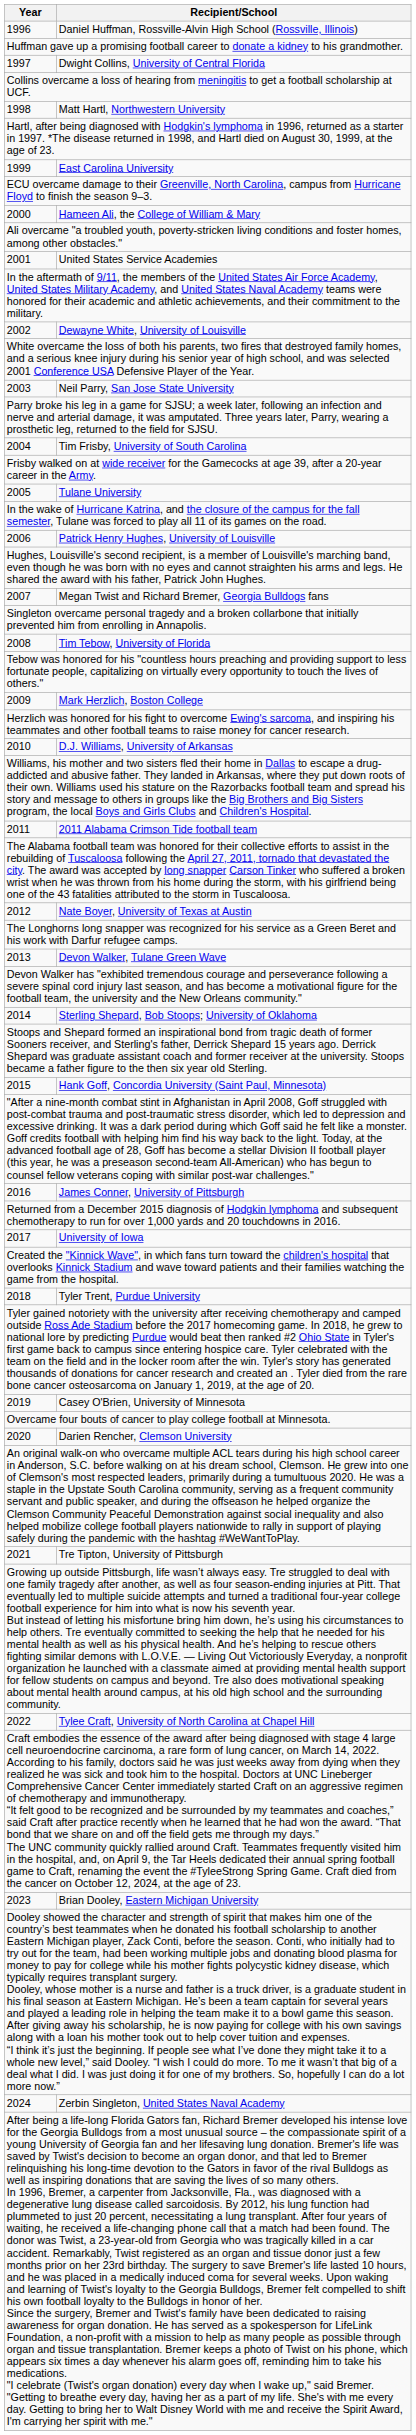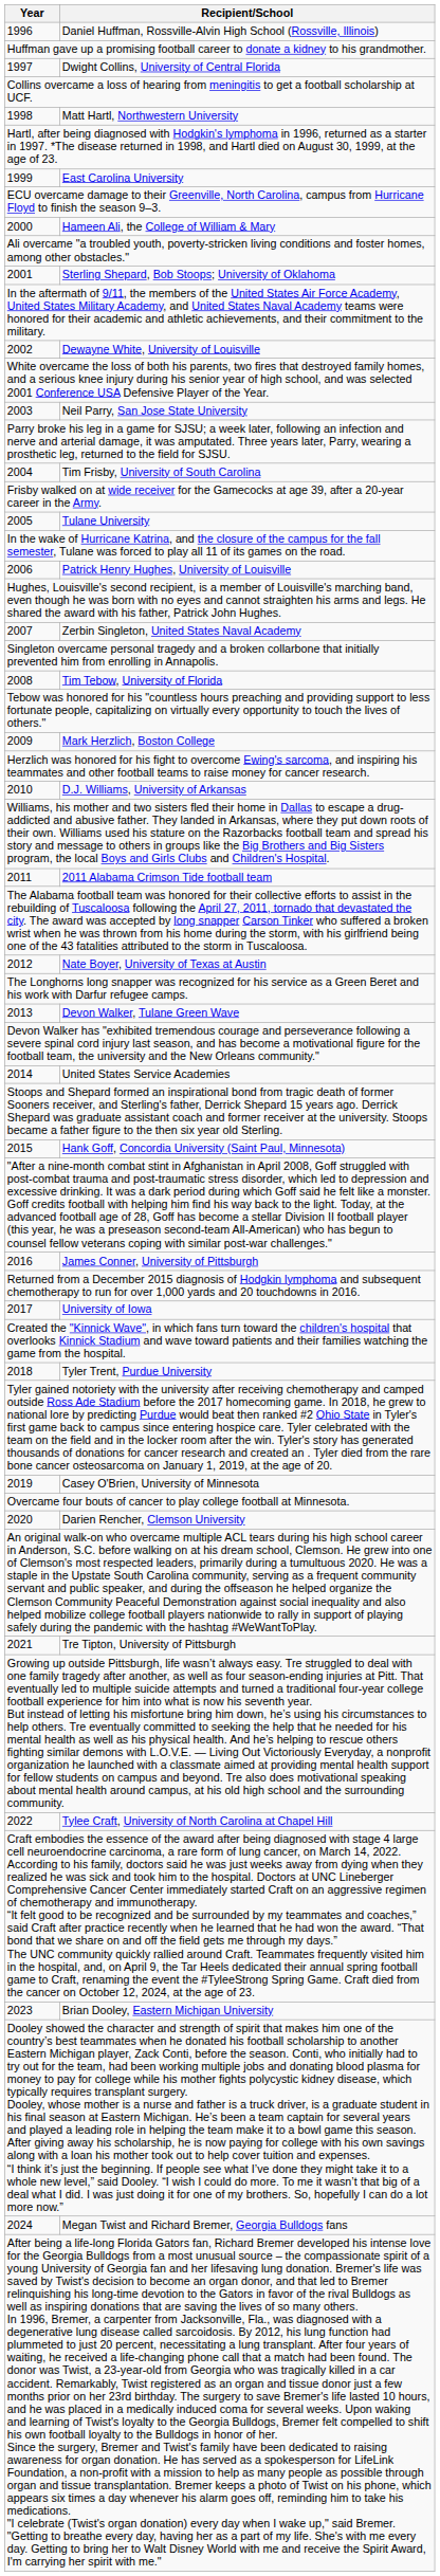 <table class="wikitable">
 <tr>
 <th>Year</th>
 <th>Recipient/School</th>
 </tr>
 <tr>
 <td>1996</td>
 <td>Daniel Huffman, Rossville-Alvin High School (<a href='#'>Rossville, Illinois</a>)</td>
 </tr>
 <tr>
 <td colspan=2>Huffman gave up a promising football career to <a href='#'>donate a kidney</a> to his grandmother.</td>
 </tr>
 <tr>
 <td>1997</td>
 <td>Dwight Collins, <a href='#'>University of Central Florida</a></td>
 </tr>
 <tr>
 <td colspan=2>Collins overcame a loss of hearing from <a href='#'>meningitis</a> to get a football scholarship at UCF.</td>
 </tr>
 <tr>
 <td>1998</td>
 <td>Matt Hartl, <a href='#'>Northwestern University</a></td>
 </tr>
 <tr>
 <td colspan=2>Hartl, after being diagnosed with <a href='#'>Hodgkin's lymphoma</a> in 1996, returned as a starter in 1997. *The disease returned in 1998, and Hartl died on August 30, 1999, at the age of 23.</td>
 </tr>
 <tr>
 <td>1999</td>
 <td><a href='#'>East Carolina University</a></td>
 </tr>
 <tr>
 <td colspan=2>ECU overcame damage to their <a href='#'>Greenville, North Carolina</a>, campus from <a href='#'>Hurricane Floyd</a> to finish the season 9–3.</td>
 </tr>
 <tr>
 <td>2000</td>
 <td><a href='#'>Hameen Ali</a>, the <a href='#'>College of William & Mary</a></td>
 </tr>
 <tr>
 <td colspan=2>Ali overcame "a troubled youth, poverty-stricken living conditions and foster homes, among other obstacles."</td>
 </tr>
 <tr>
 <td>2001</td>
-<td>United States Service Academies</td>
+<td><a href='#'>Sterling Shepard</a>, <a href='#'>Bob Stoops</a>; <a href='#'>University of Oklahoma</a></td>
 </tr>
 <tr>
 <td colspan=2>In the aftermath of <a href='#'>9/11</a>, the members of the <a href='#'>United States Air Force Academy</a>, <a href='#'>United States Military Academy</a>, and <a href='#'>United States Naval Academy</a> teams were honored for their academic and athletic achievements, and their commitment to the military.</td>
 </tr>
 <tr>
 <td>2002</td>
 <td><a href='#'>Dewayne White</a>, <a href='#'>University of Louisville</a></td>
 </tr>
 <tr>
 <td colspan=2>White overcame the loss of both his parents, two fires that destroyed family homes, and a serious knee injury during his senior year of high school, and was selected 2001 <a href='#'>Conference USA</a> Defensive Player of the Year.</td>
 </tr>
 <tr>
 <td>2003</td>
 <td>Neil Parry, <a href='#'>San Jose State University</a></td>
 </tr>
 <tr>
 <td colspan=2>Parry broke his leg in a game for SJSU; a week later, following an infection and nerve and arterial damage, it was amputated. Three years later, Parry, wearing a prosthetic leg, returned to the field for SJSU.</td>
 </tr>
 <tr>
 <td>2004</td>
 <td>Tim Frisby, <a href='#'>University of South Carolina</a></td>
 </tr>
 <tr>
 <td colspan=2>Frisby walked on at <a href='#'>wide receiver</a> for the Gamecocks at age 39, after a 20-year career in the <a href='#'>Army</a>.</td>
 </tr>
 <tr>
 <td>2005</td>
 <td><a href='#'>Tulane University</a></td>
 </tr>
 <tr>
 <td colspan=2>In the wake of <a href='#'>Hurricane Katrina</a>, and <a href='#'>the closure of the campus for the fall semester</a>, Tulane was forced to play all 11 of its games on the road.</td>
 </tr>
 <tr>
 <td>2006</td>
 <td><a href='#'>Patrick Henry Hughes</a>, <a href='#'>University of Louisville</a></td>
 </tr>
 <tr>
 <td colspan=2>Hughes, Louisville's second recipient, is a member of Louisville's marching band, even though he was born with no eyes and cannot straighten his arms and legs. He shared the award with his father, Patrick John Hughes.</td>
 </tr>
 <tr>
 <td>2007</td>
-<td>Megan Twist and Richard Bremer, <a href='#'>Georgia Bulldogs</a> fans</td>
+<td>Zerbin Singleton, <a href='#'>United States Naval Academy</a></td>
 </tr>
 <tr>
 <td colspan=2>Singleton overcame personal tragedy and a broken collarbone that initially prevented him from enrolling in Annapolis.</td>
 </tr>
 <tr>
 <td>2008</td>
 <td><a href='#'>Tim Tebow</a>, <a href='#'>University of Florida</a></td>
 </tr>
 <tr>
 <td colspan=2>Tebow was honored for his "countless hours preaching and providing support to less fortunate people, capitalizing on virtually every opportunity to touch the lives of others."</td>
 </tr>
 <tr>
 <td>2009</td>
 <td><a href='#'>Mark Herzlich</a>, <a href='#'>Boston College</a></td>
 </tr>
 <tr>
 <td colspan=2>Herzlich was honored for his fight to overcome <a href='#'>Ewing's sarcoma</a>, and inspiring his teammates and other football teams to raise money for cancer research.</td>
 </tr>
 <tr>
 <td>2010</td>
 <td><a href='#'>D.J. Williams</a>, <a href='#'>University of Arkansas</a></td>
 </tr>
 <tr>
 <td colspan=2>Williams, his mother and two sisters fled their home in <a href='#'>Dallas</a> to escape a drug-addicted and abusive father. They landed in Arkansas, where they put down roots of their own. Williams used his stature on the Razorbacks football team and spread his story and message to others in groups like the <a href='#'>Big Brothers and Big Sisters</a> program, the local <a href='#'>Boys and Girls Clubs</a> and <a href='#'>Children's Hospital</a>.</td>
 </tr>
 <tr>
 <td>2011</td>
 <td><a href='#'>2011 Alabama Crimson Tide football team</a></td>
 </tr>
 <tr>
 <td colspan=2>The Alabama football team was honored for their collective efforts to assist in the rebuilding of <a href='#'>Tuscaloosa</a> following the <a href='#'>April 27, 2011, tornado that devastated the city</a>. The award was accepted by <a href='#'>long snapper</a> <a href='#'>Carson Tinker</a> who suffered a broken wrist when he was thrown from his home during the storm, with his girlfriend being one of the 43 fatalities attributed to the storm in Tuscaloosa.</td>
 </tr>
 <tr>
 <td>2012</td>
 <td><a href='#'>Nate Boyer</a>, <a href='#'>University of Texas at Austin</a></td>
 </tr>
 <tr>
 <td colspan=2>The Longhorns long snapper was recognized for his service as a Green Beret and his work with Darfur refugee camps.</td>
 </tr>
 <tr>
 <td>2013</td>
 <td><a href='#'>Devon Walker</a>, <a href='#'>Tulane Green Wave</a></td>
 </tr>
 <tr>
 <td colspan=2>Devon Walker has "exhibited tremendous courage and perseverance following a severe spinal cord injury last season, and has become a motivational figure for the football team, the university and the New Orleans community."</td>
 </tr>
 <tr>
 <td>2014</td>
-<td><a href='#'>Sterling Shepard</a>, <a href='#'>Bob Stoops</a>; <a href='#'>University of Oklahoma</a></td>
+<td>United States Service Academies</td>
 </tr>
 <tr>
 <td colspan=2>Stoops and Shepard formed an inspirational bond from tragic death of former Sooners receiver, and Sterling's father, Derrick Shepard 15 years ago. Derrick Shepard was graduate assistant coach and former receiver at the university. Stoops became a father figure to the then six year old Sterling.</td>
 </tr>
 <tr>
 <td>2015</td>
 <td><a href='#'>Hank Goff</a>, <a href='#'>Concordia University (Saint Paul, Minnesota)</a></td>
 </tr>
 <tr>
 <td colspan=2>"After a nine-month combat stint in Afghanistan in April 2008, Goff struggled with post-combat trauma and post-traumatic stress disorder, which led to depression and excessive drinking. It was a dark period during which Goff said he felt like a monster. Goff credits football with helping him find his way back to the light. Today, at the advanced football age of 28, Goff has become a stellar Division II football player (this year, he was a preseason second-team All-American) who has begun to counsel fellow veterans coping with similar post-war challenges."</td>
 </tr>
 <tr>
 <td>2016</td>
 <td><a href='#'>James Conner</a>, <a href='#'>University of Pittsburgh</a></td>
 </tr>
 <tr>
 <td colspan=2>Returned from a December 2015 diagnosis of <a href='#'>Hodgkin lymphoma</a> and subsequent chemotherapy to run for over 1,000 yards and 20 touchdowns in 2016.</td>
 </tr>
 <tr>
 <td>2017</td>
 <td><a href='#'>University of Iowa</a></td>
 </tr>
 <tr>
 <td colspan=2>Created the <a href='#'>"Kinnick Wave"</a>, in which fans turn toward the <a href='#'>children's hospital</a> that overlooks <a href='#'>Kinnick Stadium</a> and wave toward patients and their families watching the game from the hospital.</td>
 </tr>
 <tr>
 <td>2018</td>
 <td>Tyler Trent, <a href='#'>Purdue University</a></td>
 </tr>
 <tr>
 <td colspan="2">Tyler gained notoriety with the university after receiving chemotherapy and camped outside <a href='#'>Ross Ade Stadium</a> before the 2017 homecoming game. In 2018, he grew to national lore by predicting <a href='#'>Purdue</a> would beat then ranked #2 <a href='#'>Ohio State</a> in Tyler's first game back to campus since entering hospice care. Tyler celebrated with the team on the field and in the locker room after the win. Tyler's story has generated thousands of donations for cancer research and created an . Tyler died from the rare bone cancer osteosarcoma on January 1, 2019, at the age of 20.</td>
 </tr>
 <tr>
 <td>2019</td>
 <td>Casey O'Brien, University of Minnesota</td>
 </tr>
 <tr>
 <td colspan=2>Overcame four bouts of cancer to play college football at Minnesota.</td>
 </tr>
 <tr>
 <td>2020</td>
 <td>Darien Rencher, <a href='#'>Clemson University</a></td>
 </tr>
 <tr>
 <td colspan=2>An original walk-on who overcame multiple ACL tears during his high school career in Anderson, S.C. before walking on at his dream school, Clemson. He grew into one of Clemson's most respected leaders, primarily during a tumultuous 2020. He was a staple in the Upstate South Carolina community, serving as a frequent community servant and public speaker, and during the offseason he helped organize the Clemson Community Peaceful Demonstration against social inequality and also helped mobilize college football players nationwide to rally in support of playing safely during the pandemic with the hashtag #WeWantToPlay.</td>
 </tr>
 <tr>
 <td>2021</td>
 <td>Tre Tipton, University of Pittsburgh</td>
 </tr>
 <tr>
 <td colspan=2>Growing up outside Pittsburgh, life wasn’t always easy. Tre struggled to deal with one family tragedy after another, as well as four season-ending injuries at Pitt. That eventually led to multiple suicide attempts and turned a traditional four-year college football experience for him into what is now his seventh year.<br>But instead of letting his misfortune bring him down, he’s using his circumstances to help others. Tre eventually committed to seeking the help that he needed for his mental health as well as his physical health. And he’s helping to rescue others fighting similar demons with L.O.V.E. — Living Out Victoriously Everyday, a nonprofit organization he launched with a classmate aimed at providing mental health support for fellow students on campus and beyond. Tre also does motivational speaking about mental health around campus, at his old high school and the surrounding community.</td>
 </tr>
 <tr>
 <td>2022</td>
 <td><a href='#'>Tylee Craft</a>, <a href='#'>University of North Carolina at Chapel Hill</a></td>
 </tr>
 <tr>
 <td colspan=3>Craft embodies the essence of the award after being diagnosed with stage 4 large cell neuroendocrine carcinoma, a rare form of lung cancer, on March 14, 2022. According to his family, doctors said he was just weeks away from dying when they realized he was sick and took him to the hospital. Doctors at UNC Lineberger Comprehensive Cancer Center immediately started Craft on an aggressive regimen of chemotherapy and immunotherapy.<br>“It felt good to be recognized and be surrounded by my teammates and coaches,” said Craft after practice recently when he learned that he had won the award. “That bond that we share on and off the field gets me through my days.”<br>The UNC community quickly rallied around Craft. Teammates frequently visited him in the hospital, and, on April 9, the Tar Heels dedicated their annual spring football game to Craft, renaming the event the #TyleeStrong Spring Game. Craft died from the cancer on October 12, 2024, at the age of 23.</td>
 </tr>
 <tr>
 <td>2023</td>
 <td>Brian Dooley, <a href='#'>Eastern Michigan University</a></td>
 </tr>
 <tr>
 <td colspan=3>Dooley showed the character and strength of spirit that makes him one of the country’s best teammates when he donated his football scholarship to another Eastern Michigan player, Zack Conti, before the season. Conti, who initially had to try out for the team, had been working multiple jobs and donating blood plasma for money to pay for college while his mother fights polycystic kidney disease, which typically requires transplant surgery.<br>Dooley, whose mother is a nurse and father is a truck driver, is a graduate student in his final season at Eastern Michigan. He’s been a team captain for several years and played a leading role in helping the team make it to a bowl game this season. After giving away his scholarship, he is now paying for college with his own savings along with a loan his mother took out to help cover tuition and expenses.<br>“I think it’s just the beginning. If people see what I’ve done they might take it to a whole new level,” said Dooley. “I wish I could do more. To me it wasn’t that big of a deal what I did. I was just doing it for one of my brothers. So, hopefully I can do a lot more now.”</td>
 </tr>
 <tr>
 <td>2024</td>
-<td>Zerbin Singleton, <a href='#'>United States Naval Academy</a></td>
+<td>Megan Twist and Richard Bremer, <a href='#'>Georgia Bulldogs</a> fans</td>
 </tr>
 <tr>
 <td colspan=3>After being a life-long Florida Gators fan, Richard Bremer developed his intense love for the Georgia Bulldogs from a most unusual source – the compassionate spirit of a young University of Georgia fan and her lifesaving lung donation. Bremer's life was saved by Twist's decision to become an organ donor, and that led to Bremer relinquishing his long-time devotion to the Gators in favor of the rival Bulldogs as well as inspiring donations that are saving the lives of so many others.<br>In 1996, Bremer, a carpenter from Jacksonville, Fla., was diagnosed with a degenerative lung disease called sarcoidosis. By 2012, his lung function had plummeted to just 20 percent, necessitating a lung transplant. After four years of waiting, he received a life-changing phone call that a match had been found. The donor was Twist, a 23-year-old from Georgia who was tragically killed in a car accident. Remarkably, Twist registered as an organ and tissue donor just a few months prior on her 23rd birthday. The surgery to save Bremer's life lasted 10 hours, and he was placed in a medically induced coma for several weeks. Upon waking and learning of Twist's loyalty to the Georgia Bulldogs, Bremer felt compelled to shift his own football loyalty to the Bulldogs in honor of her.<br>Since the surgery, Bremer and Twist's family have been dedicated to raising awareness for organ donation. He has served as a spokesperson for LifeLink Foundation, a non-profit with a mission to help as many people as possible through organ and tissue transplantation. Bremer keeps a photo of Twist on his phone, which appears six times a day whenever his alarm goes off, reminding him to take his medications.<br>"I celebrate (Twist's organ donation) every day when I wake up," said Bremer. "Getting to breathe every day, having her as a part of my life. She's with me every day. Getting to bring her to Walt Disney World with me and receive the Spirit Award, I'm carrying her spirit with me."</td>
 </tr>
 </table>
